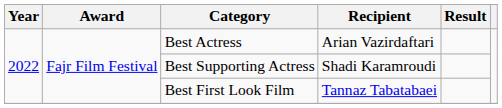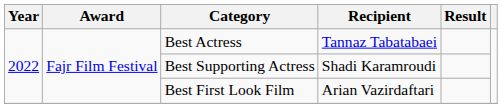 <table class="wikitable">
 <tr>
 <th>Year</th>
 <th>Award</th>
 <th>Category</th>
 <th>Recipient</th>
 <th>Result</th>
 <th></th>
 </tr>
 <tr>
 <td rowspan="3"><a href='#'>2022</a></td>
 <td rowspan="3"><a href='#'>Fajr Film Festival</a></td>
 <td>Best Actress</td>
-<td>Arian Vazirdaftari</td>
+<td><a href='#'>Tannaz Tabatabaei</a></td>
 <td></td>
 <td rowspan="3"></td>
 </tr>
 <tr>
 <td>Best Supporting Actress</td>
 <td>Shadi Karamroudi</td>
 <td></td>
 </tr>
 <tr>
 <td>Best First Look Film</td>
-<td><a href='#'>Tannaz Tabatabaei</a></td>
+<td>Arian Vazirdaftari</td>
 <td></td>
 </tr>
 <tr>
 </tr>
 </table>
